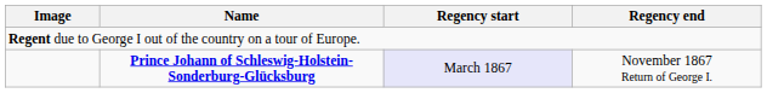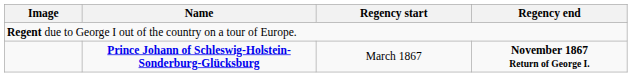 <table width=98% class="wikitable">
 <tr>
 <th width=10%>Image</th>
 <th width=30%>Name</th>
 <th width=20%>Regency start</th>
 <th width=20%>Regency end</th>
 </tr>
 <tr>
 <td width="100%" height="4" colspan="4"><strong>Regent</strong> due to George I out of the country on a tour of Europe.</td>
 </tr>
 <tr>
 <td align="center"></td>
 <td align="center"><strong><a href='#'>Prince Johann of Schleswig-Holstein-Sonderburg-Glücksburg</a></strong></td>
-<td align="center" style="background: lavender;">March 1867</td>
-<td align="center">November 1867<br><small>Return of George I.</small></td>
+<td align="center">March 1867</td>
+<td align="center"><strong>November 1867<br><small>Return of George I.</small></strong></td>
 </tr>
 </table>
